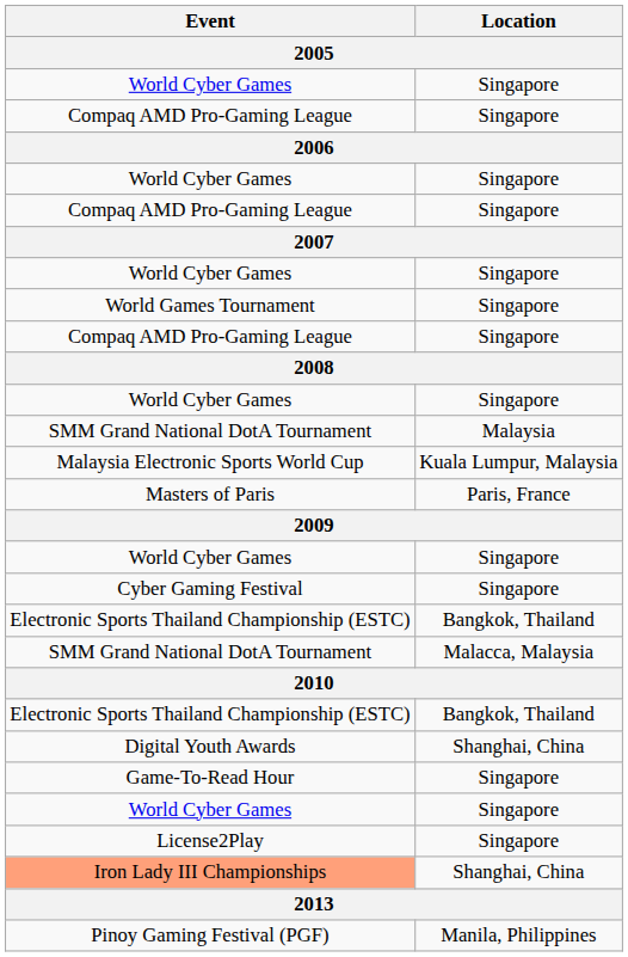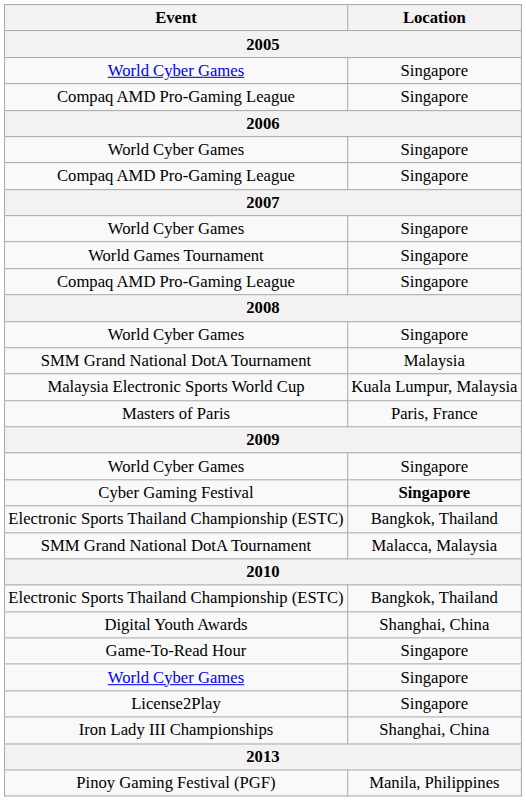 <table class="wikitable" style="text-align: center">
 <tr>
 <th>Event</th>
 <th>Location</th>
 </tr>
 <tr>
 <th colspan="3">2005</th>
 </tr>
 <tr>
 <td><a href='#'>World Cyber Games</a></td>
 <td>Singapore</td>
 </tr>
 <tr>
 <td>Compaq AMD Pro-Gaming League</td>
 <td>Singapore</td>
 </tr>
 <tr>
 <th colspan="3">2006</th>
 </tr>
 <tr>
 <td>World Cyber Games</td>
 <td>Singapore</td>
 </tr>
 <tr>
 <td>Compaq AMD Pro-Gaming League</td>
 <td>Singapore</td>
 </tr>
 <tr>
 <th colspan="3">2007</th>
 </tr>
 <tr>
 <td>World Cyber Games</td>
 <td>Singapore</td>
 </tr>
 <tr>
 <td>World Games Tournament</td>
 <td>Singapore</td>
 </tr>
 <tr>
 <td>Compaq AMD Pro-Gaming League</td>
 <td>Singapore</td>
 </tr>
 <tr>
 <th colspan="3">2008</th>
 </tr>
 <tr>
 <td>World Cyber Games</td>
 <td>Singapore</td>
 </tr>
 <tr>
 <td>SMM Grand National DotA Tournament</td>
 <td>Malaysia</td>
 </tr>
 <tr>
 <td>Malaysia Electronic Sports World Cup</td>
 <td>Kuala Lumpur, Malaysia</td>
 </tr>
 <tr>
 <td>Masters of Paris</td>
 <td>Paris, France</td>
 </tr>
 <tr>
 <th colspan="3">2009</th>
 </tr>
 <tr>
 <td>World Cyber Games</td>
 <td>Singapore</td>
 </tr>
 <tr>
 <td>Cyber Gaming Festival</td>
-<td>Singapore</td>
+<td><strong>Singapore</strong></td>
 </tr>
 <tr>
 <td>Electronic Sports Thailand Championship (ESTC)</td>
 <td>Bangkok, Thailand</td>
 </tr>
 <tr>
 <td>SMM Grand National DotA Tournament</td>
 <td>Malacca, Malaysia</td>
 </tr>
 <tr>
 <th colspan="3">2010</th>
 </tr>
 <tr>
 <td>Electronic Sports Thailand Championship (ESTC)</td>
 <td>Bangkok, Thailand</td>
 </tr>
 <tr>
 <td>Digital Youth Awards</td>
 <td>Shanghai, China</td>
 </tr>
 <tr>
 <td>Game-To-Read Hour</td>
 <td>Singapore</td>
 </tr>
 <tr>
 <td><a href='#'>World Cyber Games</a></td>
 <td>Singapore</td>
 </tr>
 <tr>
 <td>License2Play</td>
 <td>Singapore</td>
 </tr>
 <tr>
-<td style="background: lightsalmon;">Iron Lady III Championships</td>
+<td>Iron Lady III Championships</td>
 <td>Shanghai, China</td>
 </tr>
 <tr>
 <th colspan="3">2013</th>
 </tr>
 <tr>
 <td>Pinoy Gaming Festival (PGF)</td>
 <td>Manila, Philippines</td>
 </tr>
 </table>
